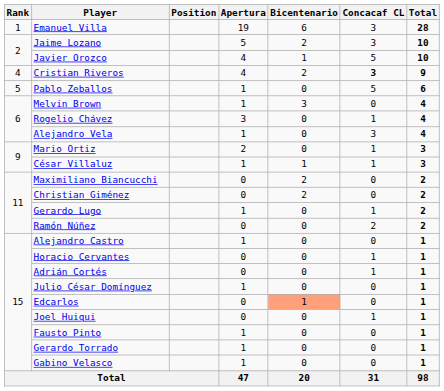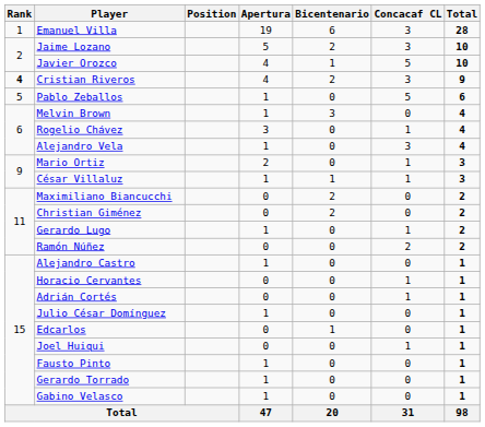 <table class="wikitable">
 <tr>
 <th>Rank</th>
 <th style="width:185px;">Player</th>
 <th>Position</th>
 <th>Apertura</th>
 <th>Bicentenario</th>
 <th>Concacaf CL</th>
 <th>Total</th>
 </tr>
 <tr>
 <td align=center>1</td>
 <td> <a href='#'>Emanuel Villa</a></td>
 <td align=center></td>
 <td align=center>19</td>
 <td align=center>6</td>
 <td align=center>3</td>
 <td align=center><strong>28</strong></td>
 </tr>
 <tr>
 <td align=center rowspan=2>2</td>
 <td> <a href='#'>Jaime Lozano</a></td>
 <td align=center></td>
 <td align=center>5</td>
 <td align=center>2</td>
 <td align=center>3</td>
 <td align=center><strong>10</strong></td>
 </tr>
 <tr>
 <td> <a href='#'>Javier Orozco</a></td>
 <td align=center></td>
 <td align=center>4</td>
 <td align=center>1</td>
 <td align=center>5</td>
 <td align=center><strong>10</strong></td>
 </tr>
 <tr>
-<td align=center>4</td>
+<td align=center><strong>4</strong></td>
 <td> <a href='#'>Cristian Riveros</a></td>
 <td align=center></td>
 <td align=center>4</td>
 <td align=center>2</td>
-<td align=center><strong>3</strong></td>
+<td align=center>3</td>
 <td align=center><strong>9</strong></td>
 </tr>
 <tr>
 <td align=center>5</td>
 <td> <a href='#'>Pablo Zeballos</a></td>
 <td align=center></td>
 <td align=center>1</td>
 <td align=center>0</td>
 <td align=center>5</td>
 <td align=center><strong>6</strong></td>
 </tr>
 <tr>
 <td align=center rowspan=3>6</td>
 <td> <a href='#'>Melvin Brown</a></td>
 <td align=center></td>
 <td align=center>1</td>
 <td align=center>3</td>
 <td align=center>0</td>
 <td align=center><strong>4</strong></td>
 </tr>
 <tr>
 <td> <a href='#'>Rogelio Chávez</a></td>
 <td align=center></td>
 <td align=center>3</td>
 <td align=center>0</td>
 <td align=center>1</td>
 <td align=center><strong>4</strong></td>
 </tr>
 <tr>
 <td> <a href='#'>Alejandro Vela</a></td>
 <td align=center></td>
 <td align=center>1</td>
 <td align=center>0</td>
 <td align=center>3</td>
 <td align=center><strong>4</strong></td>
 </tr>
 <tr>
 <td align=center rowspan=2>9</td>
 <td> <a href='#'>Mario Ortiz</a></td>
 <td align=center></td>
 <td align=center>2</td>
 <td align=center>0</td>
 <td align=center>1</td>
 <td align=center><strong>3</strong></td>
 </tr>
 <tr>
 <td> <a href='#'>César Villaluz</a></td>
 <td align=center></td>
 <td align=center>1</td>
 <td align=center>1</td>
 <td align=center>1</td>
 <td align=center><strong>3</strong></td>
 </tr>
 <tr>
 <td align=center rowspan=4>11</td>
 <td> <a href='#'>Maximiliano Biancucchi</a></td>
 <td align=center></td>
 <td align=center>0</td>
 <td align=center>2</td>
 <td align=center>0</td>
 <td align=center><strong>2</strong></td>
 </tr>
 <tr>
 <td> <a href='#'>Christian Giménez</a></td>
 <td align=center></td>
 <td align=center>0</td>
 <td align=center>2</td>
 <td align=center>0</td>
 <td align=center><strong>2</strong></td>
 </tr>
 <tr>
 <td> <a href='#'>Gerardo Lugo</a></td>
 <td align=center></td>
 <td align=center>1</td>
 <td align=center>0</td>
 <td align=center>1</td>
 <td align=center><strong>2</strong></td>
 </tr>
 <tr>
 <td> <a href='#'>Ramón Núñez</a></td>
 <td align=center></td>
 <td align=center>0</td>
 <td align=center>0</td>
 <td align=center>2</td>
 <td align=center><strong>2</strong></td>
 </tr>
 <tr>
 <td align=center rowspan=9>15</td>
 <td> <a href='#'>Alejandro Castro</a></td>
 <td align=center></td>
 <td align=center>1</td>
 <td align=center>0</td>
 <td align=center>0</td>
 <td align=center><strong>1</strong></td>
 </tr>
 <tr>
 <td> <a href='#'>Horacio Cervantes</a></td>
 <td align=center></td>
 <td align=center>0</td>
 <td align=center>0</td>
 <td align=center>1</td>
 <td align=center><strong>1</strong></td>
 </tr>
 <tr>
 <td> <a href='#'>Adrián Cortés</a></td>
 <td align=center></td>
 <td align=center>0</td>
 <td align=center>0</td>
 <td align=center>1</td>
 <td align=center><strong>1</strong></td>
 </tr>
 <tr>
 <td> <a href='#'>Julio César Domínguez</a></td>
 <td align=center></td>
 <td align=center>1</td>
 <td align=center>0</td>
 <td align=center>0</td>
 <td align=center><strong>1</strong></td>
 </tr>
 <tr>
 <td> <a href='#'>Edcarlos</a></td>
 <td align=center></td>
 <td align=center>0</td>
-<td align=center style="background: lightsalmon;">1</td>
+<td align=center>1</td>
 <td align=center>0</td>
 <td align=center><strong>1</strong></td>
 </tr>
 <tr>
 <td> <a href='#'>Joel Huiqui</a></td>
 <td align=center></td>
 <td align=center>0</td>
 <td align=center>0</td>
 <td align=center>1</td>
 <td align=center><strong>1</strong></td>
 </tr>
 <tr>
 <td> <a href='#'>Fausto Pinto</a></td>
 <td align=center></td>
 <td align=center>1</td>
 <td align=center>0</td>
 <td align=center>0</td>
 <td align=center><strong>1</strong></td>
 </tr>
 <tr>
 <td> <a href='#'>Gerardo Torrado</a></td>
 <td align=center></td>
 <td align=center>1</td>
 <td align=center>0</td>
 <td align=center>0</td>
 <td align=center><strong>1</strong></td>
 </tr>
 <tr>
 <td> <a href='#'>Gabino Velasco</a></td>
 <td align=center></td>
 <td align=center>1</td>
 <td align=center>0</td>
 <td align=center>0</td>
 <td align=center><strong>1</strong></td>
 </tr>
 <tr>
 <th colspan=3>Total</th>
 <th>47</th>
 <th>20</th>
 <th>31</th>
 <th>98</th>
 </tr>
 </table>
